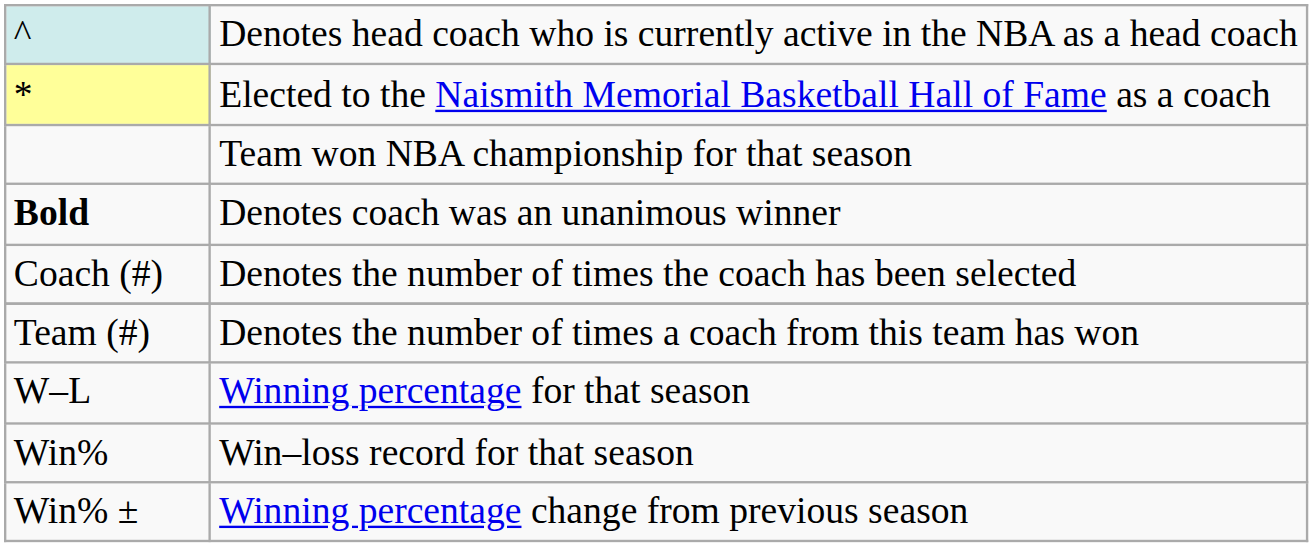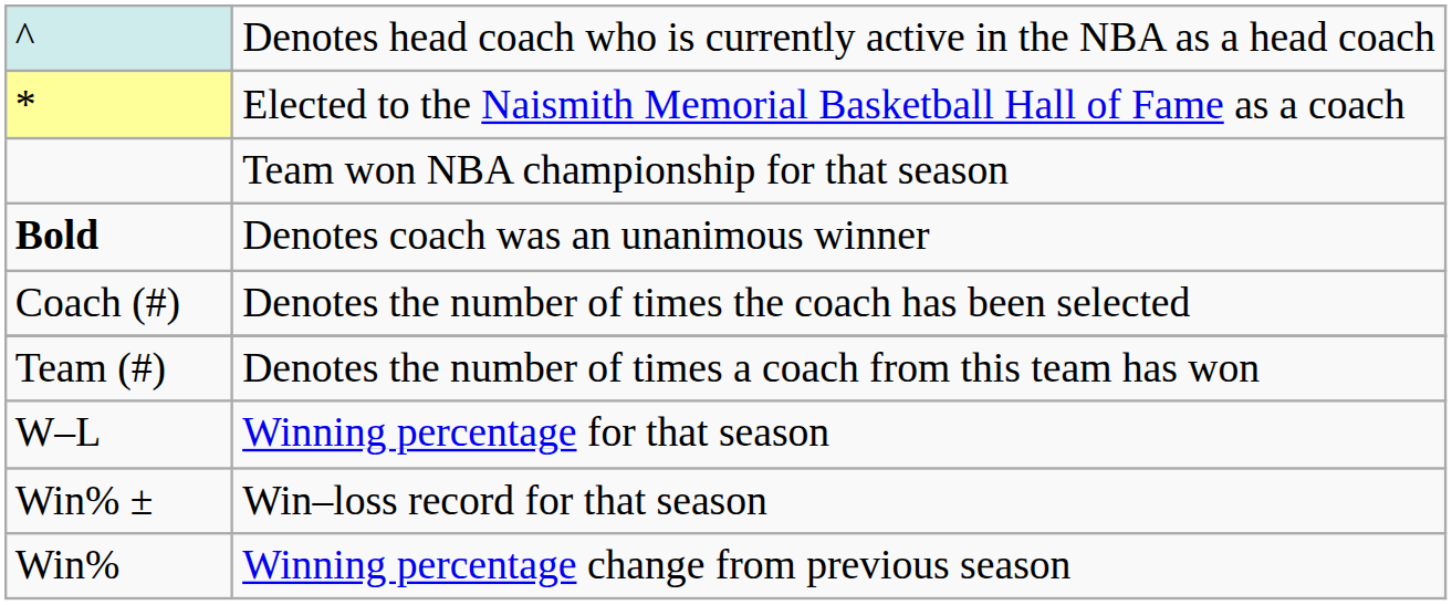 <table class="wikitable">
 <tr>
 <td style="background-color:#CFECEC; width:5em">^</td>
 <td>Denotes head coach who is currently active in the NBA as a head coach</td>
 </tr>
 <tr>
 <td style="background-color:#FFFF99; width:4em">*</td>
 <td>Elected to the <a href='#'>Naismith Memorial Basketball Hall of Fame</a> as a coach</td>
 </tr>
 <tr>
 <td></td>
 <td>Team won NBA championship for that season</td>
 </tr>
 <tr>
 <td><strong>Bold</strong></td>
 <td>Denotes coach was an unanimous winner</td>
 </tr>
 <tr>
 <td>Coach (#)</td>
 <td>Denotes the number of times the coach has been selected</td>
 </tr>
 <tr>
 </tr>
 <tr>
 <td>Team (#)</td>
 <td>Denotes the number of times a coach from this team has won</td>
 </tr>
 <tr>
 <td>W–L</td>
 <td><a href='#'>Winning percentage</a> for that season</td>
 </tr>
 <tr>
-<td>Win%</td>
+<td>Win% ±</td>
 <td>Win–loss record for that season</td>
 </tr>
 <tr>
-<td>Win% ±</td>
+<td>Win%</td>
 <td><a href='#'>Winning percentage</a> change from previous season</td>
 </tr>
 </table>
